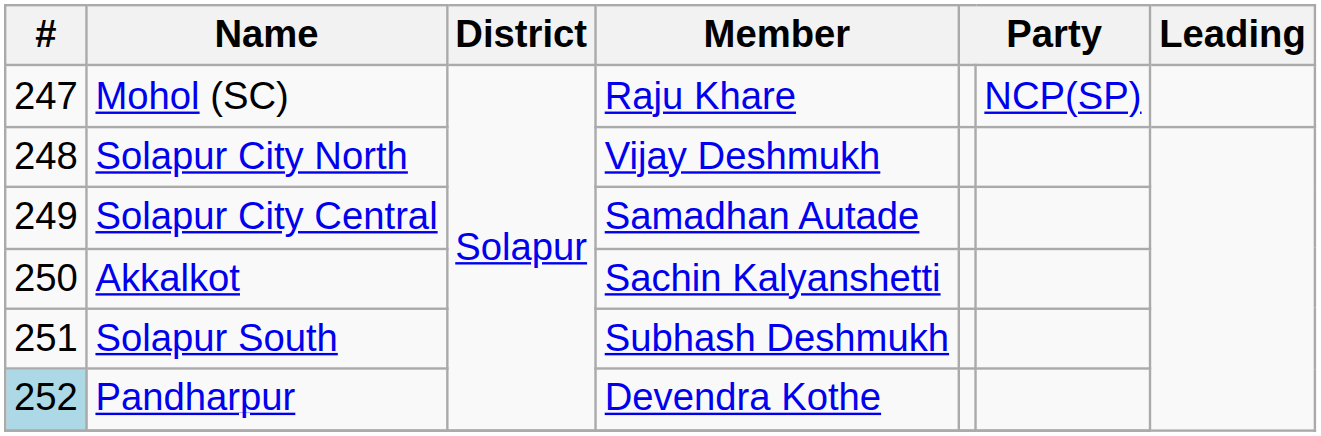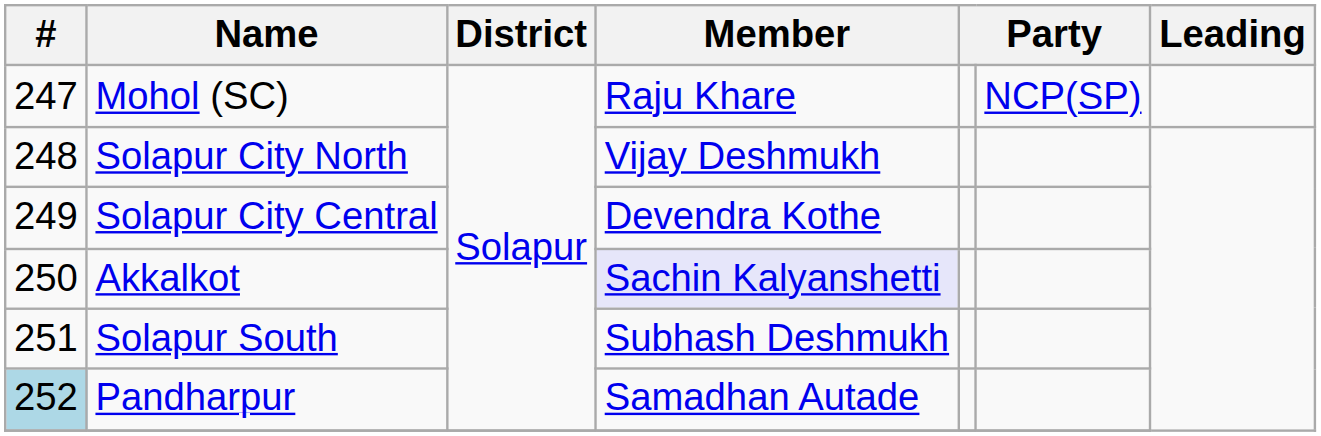 <table class="wikitable">
 <tr>
 <th>#</th>
 <th>Name</th>
 <th>District</th>
 <th>Member</th>
 <th colspan="2">Party</th>
 <th colspan=2>Leading<br></th>
 </tr>
 <tr>
 <td>247</td>
 <td><a href='#'>Mohol</a> (SC)</td>
 <td rowspan=6><a href='#'>Solapur</a></td>
 <td><a href='#'>Raju Khare</a></td>
 <td style="background-color: "></td>
 <td><a href='#'>NCP(SP)</a></td>
 <td></td>
 </tr>
 <tr>
 <td>248</td>
 <td><a href='#'>Solapur City North</a></td>
 <td><a href='#'>Vijay Deshmukh</a></td>
 <td></td>
 <td></td>
 </tr>
 <tr>
 <td>249</td>
 <td><a href='#'>Solapur City Central</a></td>
-<td><a href='#'>Samadhan Autade</a></td>
+<td><a href='#'>Devendra Kothe</a></td>
 <td></td>
 <td></td>
 </tr>
 <tr>
 <td>250</td>
 <td><a href='#'>Akkalkot</a></td>
-<td><a href='#'>Sachin Kalyanshetti</a></td>
+<td style="background: lavender;"><a href='#'>Sachin Kalyanshetti</a></td>
 <td></td>
 <td></td>
 </tr>
 <tr>
 <td>251</td>
 <td><a href='#'>Solapur South</a></td>
 <td><a href='#'>Subhash Deshmukh</a></td>
 <td></td>
 <td></td>
 </tr>
 <tr>
 <td style="background: lightblue;">252</td>
 <td><a href='#'>Pandharpur</a></td>
-<td><a href='#'>Devendra Kothe</a></td>
+<td><a href='#'>Samadhan Autade</a></td>
 <td></td>
 <td></td>
 </tr>
 <tr>
 </tr>
 </table>
